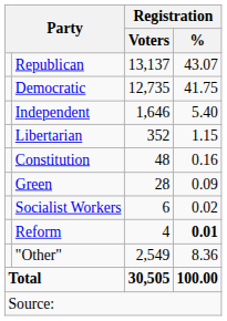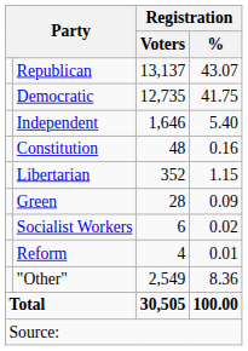 <table class="wikitable">
 <tr>
 <th colspan="2" rowspan="2">Party</th>
 <th colspan="2">Registration</th>
 </tr>
 <tr>
 <th>Voters</th>
 <th>%</th>
 </tr>
 <tr>
 <td style="background-color:"></td>
 <td><a href='#'>Republican</a></td>
 <td style="text-align:right;">13,137</td>
 <td style="text-align:right;">43.07</td>
 </tr>
 <tr>
 <td style="background-color:"></td>
 <td><a href='#'>Democratic</a></td>
 <td style="text-align:right;">12,735</td>
 <td style="text-align:right;">41.75</td>
 </tr>
 <tr>
 <td style="background-color:"></td>
 <td><a href='#'>Independent</a></td>
 <td style="text-align:right;">1,646</td>
 <td style="text-align:right;">5.40</td>
 </tr>
 <tr>
 <td style="background-color:"></td>
+<td><a href='#'>Constitution</a></td>
+<td style="text-align:right;">48</td>
+<td style="text-align:right;">0.16</td>
+</tr>
+<tr>
+<td style="background-color:"></td>
 <td><a href='#'>Libertarian</a></td>
 <td style="text-align:right;">352</td>
 <td style="text-align:right;">1.15</td>
-</tr>
-<tr>
-<td style="background-color:"></td>
-<td><a href='#'>Constitution</a></td>
-<td style="text-align:right;">48</td>
-<td style="text-align:right;">0.16</td>
 </tr>
 <tr>
 <td style="background-color:"></td>
 <td><a href='#'>Green</a></td>
 <td style="text-align:right;">28</td>
 <td style="text-align:right;">0.09</td>
 </tr>
 <tr>
 <td style="background-color:"></td>
 <td><a href='#'>Socialist Workers</a></td>
 <td style="text-align:right;">6</td>
 <td style="text-align:right;">0.02</td>
 </tr>
 <tr>
 <td style="background-color:"></td>
 <td><a href='#'>Reform</a></td>
 <td style="text-align:right;">4</td>
-<td style="text-align:right;"><strong>0.01</strong></td>
+<td style="text-align:right;">0.01</td>
 </tr>
 <tr>
 <td></td>
 <td>"Other"</td>
 <td style="text-align:right;">2,549</td>
 <td style="text-align:right;">8.36</td>
 </tr>
 <tr>
 <td colspan="2"><strong>Total</strong></td>
 <td style="text-align:right;"><strong>30,505</strong></td>
 <td style="text-align:right;"><strong>100.00</strong></td>
 </tr>
 <tr>
 <td colspan="4">Source: <em></em></td>
 </tr>
 </table>
